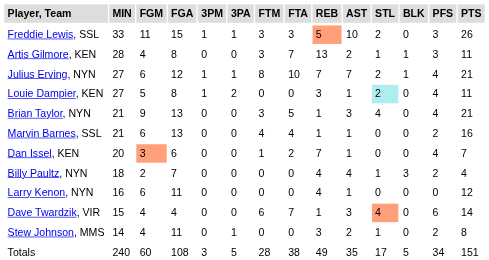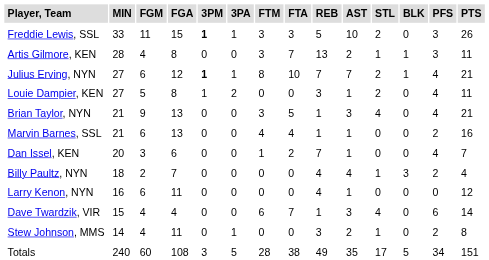 <table cellpadding=5>
 <tr bgcolor="#dddddd">
 <td><strong>Player, Team</strong></td>
 <td><strong>MIN</strong></td>
 <td><strong>FGM</strong></td>
 <td><strong>FGA</strong></td>
 <td><strong>3PM</strong></td>
 <td><strong>3PA</strong></td>
 <td><strong>FTM</strong></td>
 <td><strong>FTA</strong></td>
 <td><strong>REB</strong></td>
 <td><strong>AST</strong></td>
 <td><strong>STL</strong></td>
 <td><strong>BLK</strong></td>
 <td><strong>PFS</strong></td>
 <td><strong>PTS</strong></td>
 </tr>
 <tr bgcolor="#eeeeee">
 </tr>
 <tr>
 <td><a href='#'>Freddie Lewis</a>, SSL</td>
 <td>33</td>
 <td>11</td>
 <td>15</td>
-<td>1</td>
+<td><strong>1</strong></td>
 <td>1</td>
 <td>3</td>
 <td>3</td>
-<td style="background: lightsalmon;">5</td>
+<td>5</td>
 <td>10</td>
 <td>2</td>
 <td>0</td>
 <td>3</td>
 <td>26</td>
 </tr>
 <tr>
 <td><a href='#'>Artis Gilmore</a>, KEN</td>
 <td>28</td>
 <td>4</td>
 <td>8</td>
 <td>0</td>
 <td>0</td>
 <td>3</td>
 <td>7</td>
 <td>13</td>
 <td>2</td>
 <td>1</td>
 <td>1</td>
 <td>3</td>
 <td>11</td>
 </tr>
 <tr>
 <td><a href='#'>Julius Erving</a>, NYN</td>
 <td>27</td>
 <td>6</td>
 <td>12</td>
-<td>1</td>
+<td><strong>1</strong></td>
 <td>1</td>
 <td>8</td>
 <td>10</td>
 <td>7</td>
 <td>7</td>
 <td>2</td>
 <td>1</td>
 <td>4</td>
 <td>21</td>
 </tr>
 <tr>
 <td><a href='#'>Louie Dampier</a>, KEN</td>
 <td>27</td>
 <td>5</td>
 <td>8</td>
 <td>1</td>
 <td>2</td>
 <td>0</td>
 <td>0</td>
 <td>3</td>
 <td>1</td>
-<td style="background: paleturquoise;">2</td>
+<td>2</td>
 <td>0</td>
 <td>4</td>
 <td>11</td>
 </tr>
 <tr>
 <td><a href='#'>Brian Taylor</a>, NYN</td>
 <td>21</td>
 <td>9</td>
 <td>13</td>
 <td>0</td>
 <td>0</td>
 <td>3</td>
 <td>5</td>
 <td>1</td>
 <td>3</td>
 <td>4</td>
 <td>0</td>
 <td>4</td>
 <td>21</td>
 </tr>
 <tr>
 <td><a href='#'>Marvin Barnes</a>, SSL</td>
 <td>21</td>
 <td>6</td>
 <td>13</td>
 <td>0</td>
 <td>0</td>
 <td>4</td>
 <td>4</td>
 <td>1</td>
 <td>1</td>
 <td>0</td>
 <td>0</td>
 <td>2</td>
 <td>16</td>
 </tr>
 <tr>
 <td><a href='#'>Dan Issel</a>, KEN</td>
 <td>20</td>
-<td style="background: lightsalmon;">3</td>
+<td>3</td>
 <td>6</td>
 <td>0</td>
 <td>0</td>
 <td>1</td>
 <td>2</td>
 <td>7</td>
 <td>1</td>
 <td>0</td>
 <td>0</td>
 <td>4</td>
 <td>7</td>
 </tr>
 <tr>
 <td><a href='#'>Billy Paultz</a>, NYN</td>
 <td>18</td>
 <td>2</td>
 <td>7</td>
 <td>0</td>
 <td>0</td>
 <td>0</td>
 <td>0</td>
 <td>4</td>
 <td>4</td>
 <td>1</td>
 <td>3</td>
 <td>2</td>
 <td>4</td>
 </tr>
 <tr>
 <td><a href='#'>Larry Kenon</a>, NYN</td>
 <td>16</td>
 <td>6</td>
 <td>11</td>
 <td>0</td>
 <td>0</td>
 <td>0</td>
 <td>0</td>
 <td>4</td>
 <td>1</td>
 <td>0</td>
 <td>0</td>
 <td>0</td>
 <td>12</td>
 </tr>
 <tr>
 <td><a href='#'>Dave Twardzik</a>, VIR</td>
 <td>15</td>
 <td>4</td>
 <td>4</td>
 <td>0</td>
 <td>0</td>
 <td>6</td>
 <td>7</td>
 <td>1</td>
 <td>3</td>
-<td style="background: lightsalmon;">4</td>
+<td>4</td>
 <td>0</td>
 <td>6</td>
 <td>14</td>
 </tr>
 <tr>
 <td><a href='#'>Stew Johnson</a>, MMS</td>
 <td>14</td>
 <td>4</td>
 <td>11</td>
 <td>0</td>
 <td>1</td>
 <td>0</td>
 <td>0</td>
 <td>3</td>
 <td>2</td>
 <td>1</td>
 <td>0</td>
 <td>2</td>
 <td>8</td>
 </tr>
 <tr>
 <td>Totals</td>
 <td>240</td>
 <td>60</td>
 <td>108</td>
 <td>3</td>
 <td>5</td>
 <td>28</td>
 <td>38</td>
 <td>49</td>
 <td>35</td>
 <td>17</td>
 <td>5</td>
 <td>34</td>
 <td>151</td>
 </tr>
 <tr>
 </tr>
 </table>
